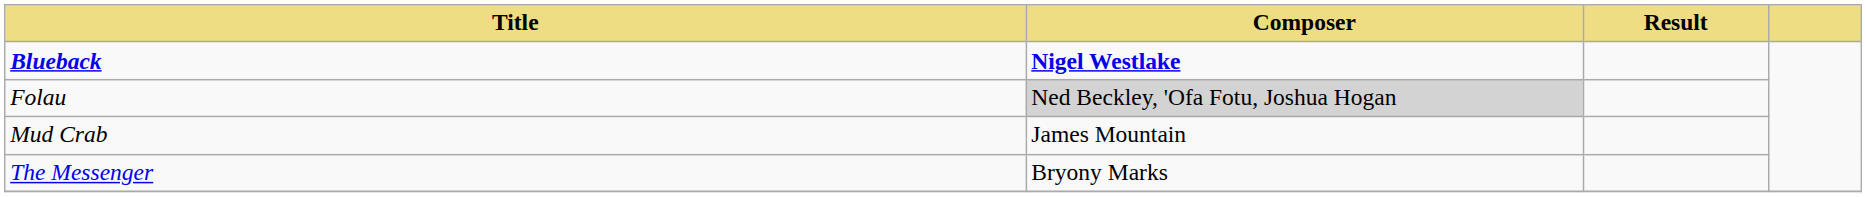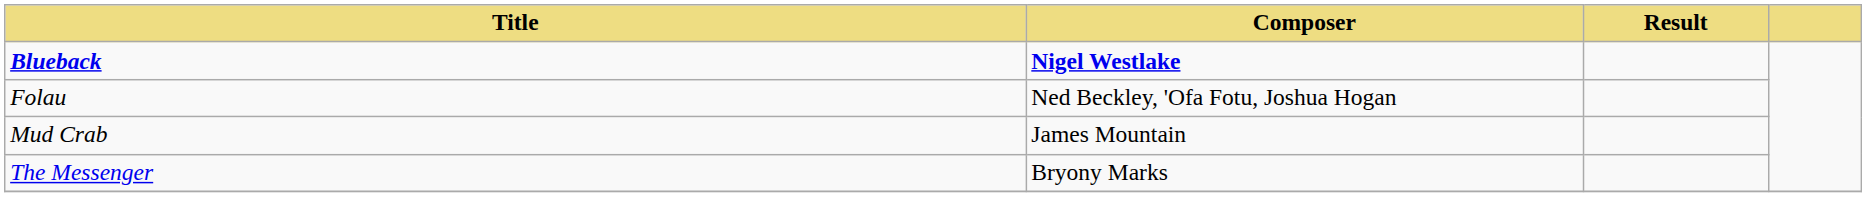 <table class="wikitable" width=100%>
 <tr>
 <th style="width:55%;background:#EEDD82;">Title</th>
 <th style="width:30%;background:#EEDD82;">Composer</th>
 <th style="width:10%;background:#EEDD82;">Result</th>
 <th style="width:5%;background:#EEDD82;"></th>
 </tr>
 <tr>
 <td><strong><em><a href='#'>Blueback</a></em></strong></td>
 <td><strong><a href='#'>Nigel Westlake</a></strong></td>
 <td></td>
 <td rowspan="4"><br></td>
 </tr>
 <tr>
 <td><em>Folau</em></td>
-<td style="background: lightgrey;">Ned Beckley, 'Ofa Fotu, Joshua Hogan</td>
+<td>Ned Beckley, 'Ofa Fotu, Joshua Hogan</td>
 <td></td>
 </tr>
 <tr>
 <td><em>Mud Crab</em></td>
 <td>James Mountain</td>
 <td></td>
 </tr>
 <tr>
 <td><em><a href='#'>The Messenger</a></em></td>
 <td>Bryony Marks</td>
 <td></td>
 </tr>
 <tr>
 </tr>
 </table>
